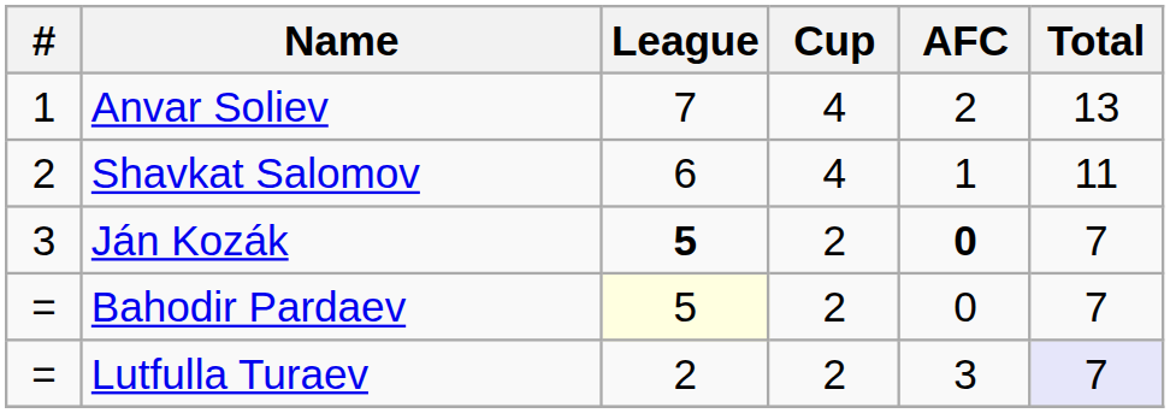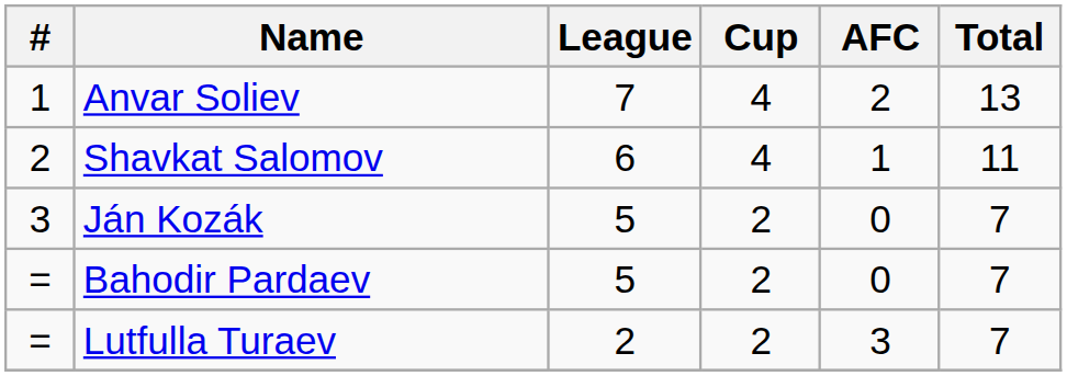 <table class="wikitable sortable"  style="text-align:center; font-size:95%; ">
 <tr>
 <th width=20px>#</th>
 <th width=180px>Name</th>
 <th width=40px>League</th>
 <th width=40px>Cup</th>
 <th width=40px>AFC</th>
 <th width=40px>Total</th>
 </tr>
 <tr>
 <td>1</td>
 <td align=left> <a href='#'>Anvar Soliev</a></td>
 <td>7</td>
 <td>4</td>
 <td>2</td>
 <td>13</td>
 </tr>
 <tr>
 <td>2</td>
 <td align=left> <a href='#'>Shavkat Salomov</a></td>
 <td>6</td>
 <td>4</td>
 <td>1</td>
 <td>11</td>
 </tr>
 <tr>
 <td>3</td>
 <td align=left> <a href='#'>Ján Kozák</a></td>
-<td><strong>5</strong></td>
+<td>5</td>
 <td>2</td>
-<td><strong>0</strong></td>
+<td>0</td>
 <td>7</td>
 </tr>
 <tr>
 <td>=</td>
 <td align=left> <a href='#'>Bahodir Pardaev</a></td>
-<td style="background: lightyellow;">5</td>
+<td>5</td>
 <td>2</td>
 <td>0</td>
 <td>7</td>
 </tr>
 <tr>
 <td>=</td>
 <td align=left> <a href='#'>Lutfulla Turaev</a></td>
 <td>2</td>
 <td>2</td>
 <td>3</td>
-<td style="background: lavender;">7</td>
+<td>7</td>
 </tr>
 <tr>
 </tr>
 </table>
